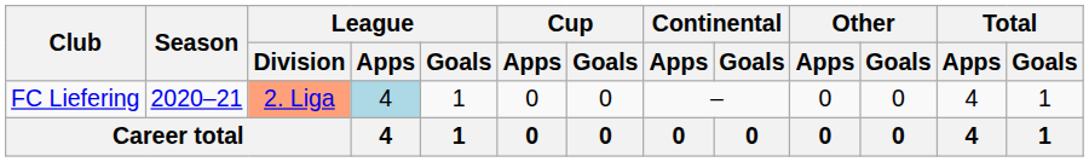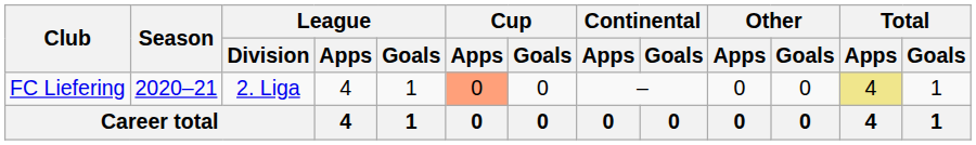 <table class="wikitable" style="text-align: center">
 <tr>
 <th rowspan="2">Club</th>
 <th rowspan="2">Season</th>
 <th colspan="3">League</th>
 <th colspan="2">Cup</th>
 <th colspan="2">Continental</th>
 <th colspan="2">Other</th>
 <th colspan="2">Total</th>
 </tr>
 <tr>
 <th>Division</th>
 <th>Apps</th>
 <th>Goals</th>
 <th>Apps</th>
 <th>Goals</th>
 <th>Apps</th>
 <th>Goals</th>
 <th>Apps</th>
 <th>Goals</th>
 <th>Apps</th>
 <th>Goals</th>
 </tr>
 <tr>
 <td><a href='#'>FC Liefering</a></td>
 <td><a href='#'>2020–21</a></td>
-<td style="background: lightsalmon;"><a href='#'>2. Liga</a></td>
-<td style="background: lightblue;">4</td>
+<td><a href='#'>2. Liga</a></td>
+<td>4</td>
 <td>1</td>
-<td>0</td>
+<td style="background: lightsalmon;">0</td>
 <td>0</td>
 <td colspan="2">–</td>
 <td>0</td>
 <td>0</td>
-<td>4</td>
+<td style="background: khaki;">4</td>
 <td>1</td>
 </tr>
 <tr>
 <th colspan=3>Career total</th>
 <th>4</th>
 <th>1</th>
 <th>0</th>
 <th>0</th>
 <th>0</th>
 <th>0</th>
 <th>0</th>
 <th>0</th>
 <th>4</th>
 <th>1</th>
 </tr>
 </table>
